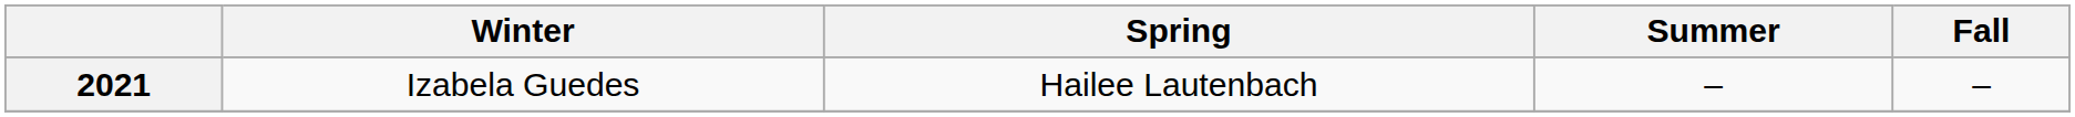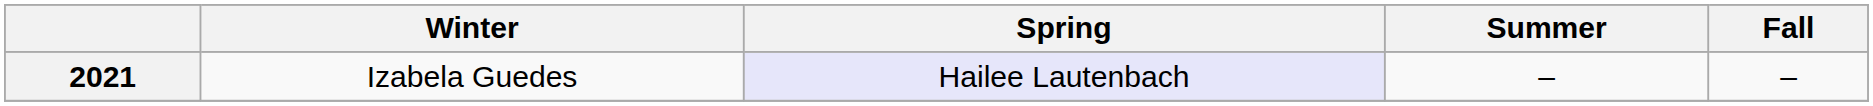 <table class="wikitable" style="width: 50%">
 <tr>
 <th> </th>
 <th>Winter</th>
 <th>Spring</th>
 <th>Summer</th>
 <th>Fall</th>
 </tr>
 <tr>
 <th>2021</th>
 <td align=center>Izabela Guedes</td>
-<td align=center>Hailee Lautenbach</td>
+<td align=center style="background: lavender;">Hailee Lautenbach</td>
 <td align=center>–</td>
 <td align=center>–</td>
 </tr>
 <tr>
 </tr>
 </table>
